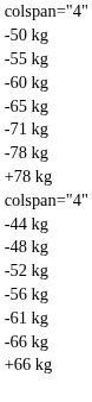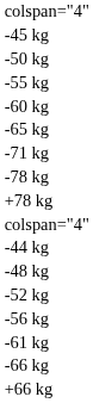 <table>
 <tr>
 <td>colspan="4" </td>
+</tr>
+<tr>
+<td>-45 kg<br></td>
+<td></td>
+<td></td>
+<td>  <br></td>
 </tr>
 <tr>
 <td rowspan="2">-50 kg<br></td>
 <td rowspan="2"></td>
 <td rowspan="2"></td>
 <td></td>
 </tr>
 <tr>
 <td></td>
 </tr>
 <tr>
 <td rowspan="2">-55 kg<br></td>
 <td rowspan="2"></td>
 <td rowspan="2"></td>
 <td></td>
 </tr>
 <tr>
 <td></td>
 </tr>
 <tr>
 <td rowspan="2">-60 kg<br></td>
 <td rowspan="2"></td>
 <td rowspan="2"></td>
 <td></td>
 </tr>
 <tr>
 <td></td>
 </tr>
 <tr>
 <td rowspan="2">-65 kg<br></td>
 <td rowspan="2"></td>
 <td rowspan="2"></td>
 <td></td>
 </tr>
 <tr>
 <td></td>
 </tr>
 <tr>
 <td rowspan="2">-71 kg<br></td>
 <td rowspan="2"></td>
 <td rowspan="2"></td>
 <td></td>
 </tr>
 <tr>
 <td></td>
 </tr>
 <tr>
 <td rowspan="2">-78 kg<br></td>
 <td rowspan="2"></td>
 <td rowspan="2"></td>
 <td></td>
 </tr>
 <tr>
 <td></td>
 </tr>
 <tr>
 <td rowspan="2">+78 kg<br></td>
 <td rowspan="2"></td>
 <td rowspan="2"></td>
 <td></td>
 </tr>
 <tr>
 <td></td>
 </tr>
 <tr>
 <td>colspan="4" </td>
 </tr>
 <tr>
 <td rowspan="2">-44 kg<br></td>
 <td rowspan="2"></td>
 <td rowspan="2"></td>
 <td></td>
 </tr>
 <tr>
 <td></td>
 </tr>
 <tr>
 <td rowspan="2">-48 kg<br></td>
 <td rowspan="2"></td>
 <td rowspan="2"></td>
 <td></td>
 </tr>
 <tr>
 <td></td>
 </tr>
 <tr>
 <td rowspan="2">-52 kg<br></td>
 <td rowspan="2"></td>
 <td rowspan="2"></td>
 <td></td>
 </tr>
 <tr>
 <td></td>
 </tr>
 <tr>
 <td rowspan="2">-56 kg<br></td>
 <td rowspan="2"></td>
 <td rowspan="2"></td>
 <td></td>
 </tr>
 <tr>
 <td></td>
 </tr>
 <tr>
 <td rowspan="2">-61 kg<br></td>
 <td rowspan="2"></td>
 <td rowspan="2"></td>
 <td></td>
 </tr>
 <tr>
 <td></td>
 </tr>
 <tr>
 <td rowspan="2">-66 kg<br></td>
 <td rowspan="2"></td>
 <td rowspan="2"></td>
 <td></td>
 </tr>
 <tr>
 <td></td>
 </tr>
 <tr>
 <td rowspan="2">+66 kg<br></td>
 <td rowspan="2"></td>
 <td rowspan="2"></td>
 <td></td>
 </tr>
 <tr>
 <td></td>
 </tr>
 </table>
